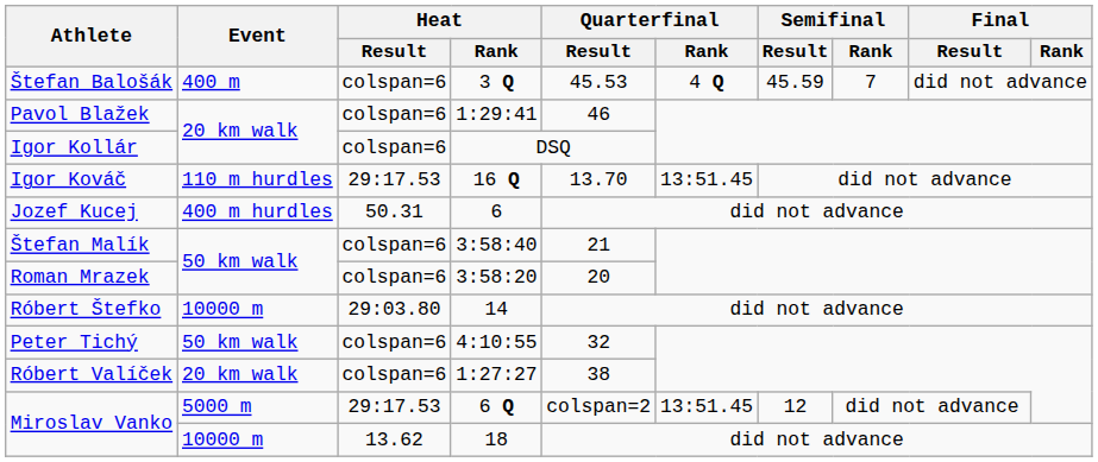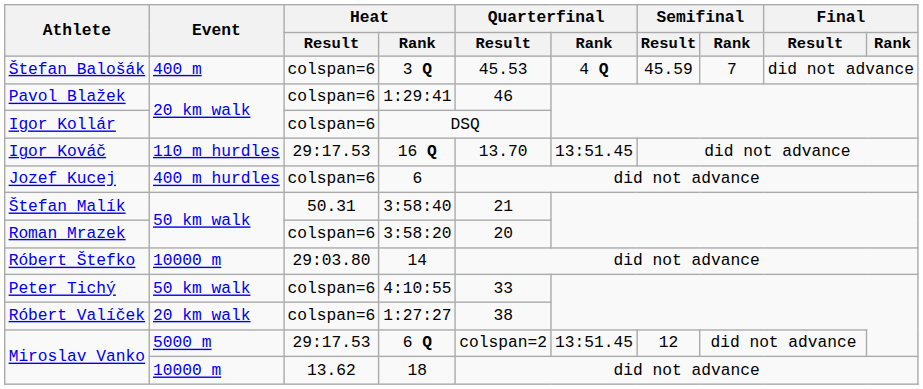 <table class=wikitable style="font-size:90%">
 <tr>
 <th rowspan="2">Athlete</th>
 <th rowspan="2">Event</th>
 <th colspan="2">Heat</th>
 <th colspan="2">Quarterfinal</th>
 <th colspan="2">Semifinal</th>
 <th colspan="2">Final</th>
 </tr>
 <tr style="font-size:95%">
 <th>Result</th>
 <th>Rank</th>
 <th>Result</th>
 <th>Rank</th>
 <th>Result</th>
 <th>Rank</th>
 <th>Result</th>
 <th>Rank</th>
 </tr>
 <tr align=center>
 <td align=left><a href='#'>Štefan Balošák</a></td>
 <td align=left><a href='#'>400 m</a></td>
 <td>colspan=6 </td>
 <td>3 <strong>Q</strong></td>
 <td>45.53</td>
 <td>4 <strong>Q</strong></td>
 <td>45.59</td>
 <td>7</td>
 <td colspan=2>did not advance</td>
 </tr>
 <tr align=center>
 <td align=left><a href='#'>Pavol Blažek</a></td>
 <td align=left rowspan=2><a href='#'>20 km walk</a></td>
 <td>colspan=6 </td>
 <td>1:29:41</td>
 <td>46</td>
 </tr>
 <tr align=center>
 <td align=left><a href='#'>Igor Kollár</a></td>
 <td>colspan=6 </td>
 <td colspan=2>DSQ</td>
 </tr>
 <tr align=center>
 <td align=left><a href='#'>Igor Kováč</a></td>
 <td align=left><a href='#'>110 m hurdles</a></td>
 <td>29:17.53</td>
 <td>16 <strong>Q</strong></td>
 <td>13.70</td>
 <td>13:51.45</td>
 <td colspan=4>did not advance</td>
 </tr>
 <tr align=center>
 <td align=left><a href='#'>Jozef Kucej</a></td>
 <td align=left><a href='#'>400 m hurdles</a></td>
-<td>50.31</td>
+<td>colspan=6 </td>
 <td>6</td>
 <td colspan=6>did not advance</td>
 </tr>
 <tr align=center>
 <td align=left><a href='#'>Štefan Malík</a></td>
 <td align=left rowspan=2><a href='#'>50 km walk</a></td>
-<td>colspan=6 </td>
+<td>50.31</td>
 <td>3:58:40</td>
 <td>21</td>
 </tr>
 <tr align=center>
 <td align=left><a href='#'>Roman Mrazek</a></td>
 <td>colspan=6 </td>
 <td>3:58:20</td>
 <td>20</td>
 </tr>
 <tr align=center>
 <td align=left><a href='#'>Róbert Štefko</a></td>
 <td align=left><a href='#'>10000 m</a></td>
 <td>29:03.80</td>
 <td>14</td>
 <td colspan=6>did not advance</td>
 </tr>
 <tr align=center>
 <td align=left><a href='#'>Peter Tichý</a></td>
 <td align=left><a href='#'>50 km walk</a></td>
 <td>colspan=6 </td>
 <td>4:10:55</td>
-<td>32</td>
+<td>33</td>
 </tr>
 <tr align=center>
 <td align=left><a href='#'>Róbert Valíček</a></td>
 <td align=left><a href='#'>20 km walk</a></td>
 <td>colspan=6 </td>
 <td>1:27:27</td>
 <td>38</td>
 </tr>
 <tr align=center>
 <td align=left rowspan=2><a href='#'>Miroslav Vanko</a></td>
 <td align=left><a href='#'>5000 m</a></td>
 <td>29:17.53</td>
 <td>6 <strong>Q</strong></td>
 <td>colspan=2 </td>
 <td>13:51.45</td>
 <td>12</td>
 <td colspan=2>did not advance</td>
 </tr>
 <tr align=center>
 <td align=left><a href='#'>10000 m</a></td>
 <td>13.62</td>
 <td>18</td>
 <td colspan=6>did not advance</td>
 </tr>
 </table>
